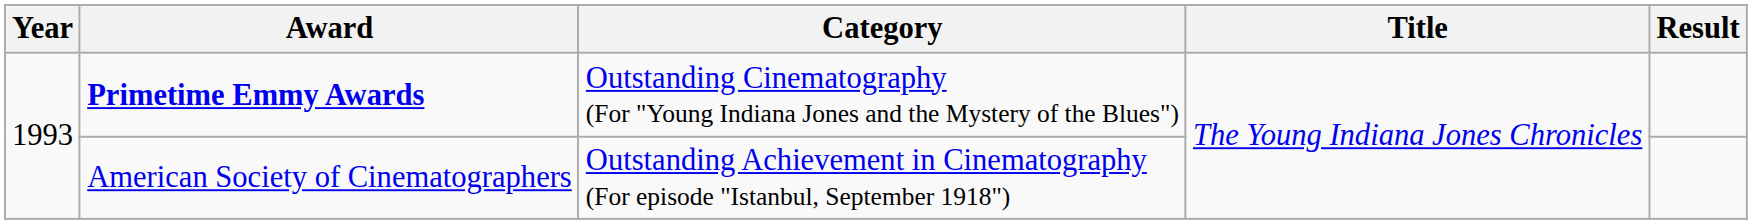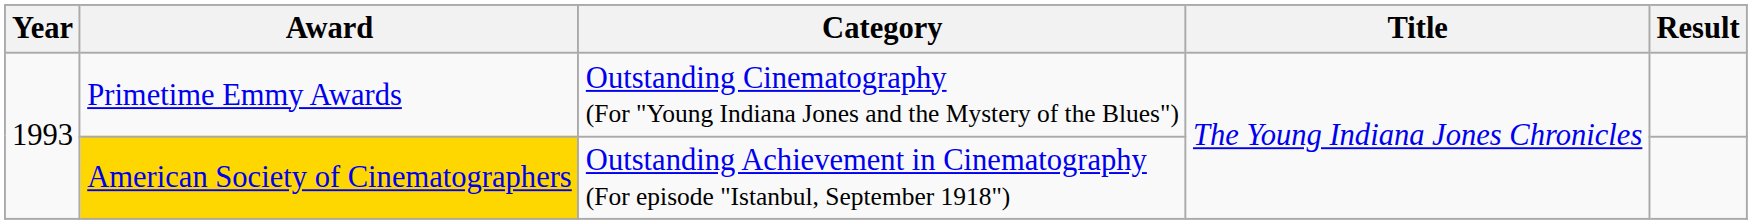 <table class="wikitable">
 <tr>
 <th>Year</th>
 <th>Award</th>
 <th>Category</th>
 <th>Title</th>
 <th>Result</th>
 </tr>
 <tr>
 <td rowspan=2>1993</td>
-<td><strong><a href='#'>Primetime Emmy Awards</a></strong></td>
+<td><a href='#'>Primetime Emmy Awards</a></td>
 <td><a href='#'>Outstanding Cinematography</a><br><small>(For "Young Indiana Jones and the Mystery of the Blues")</small></td>
 <td rowspan=2><em><a href='#'>The Young Indiana Jones Chronicles</a></em></td>
 <td></td>
 </tr>
 <tr>
-<td><a href='#'>American Society of Cinematographers</a></td>
+<td style="background: gold;"><a href='#'>American Society of Cinematographers</a></td>
 <td><a href='#'>Outstanding Achievement in Cinematography</a><br><small>(For episode "Istanbul, September 1918")</small></td>
 <td></td>
 </tr>
 </table>
